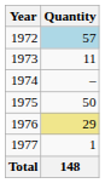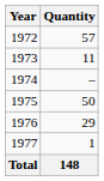 <table class="wikitable" style="text-align:right">
 <tr>
 <th>Year</th>
 <th>Quantity</th>
 </tr>
 <tr>
 <td>1972</td>
-<td style="background: lightblue;">57</td>
+<td>57</td>
 </tr>
 <tr>
 <td>1973</td>
 <td>11</td>
 </tr>
 <tr>
 <td>1974</td>
 <td>–</td>
 </tr>
 <tr>
 <td>1975</td>
 <td>50</td>
 </tr>
 <tr>
 <td>1976</td>
-<td style="background: khaki;">29</td>
+<td>29</td>
 </tr>
 <tr>
 <td>1977</td>
 <td>1</td>
 </tr>
 <tr>
 <th>Total</th>
 <th>148</th>
 </tr>
 </table>
